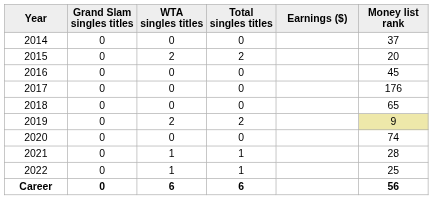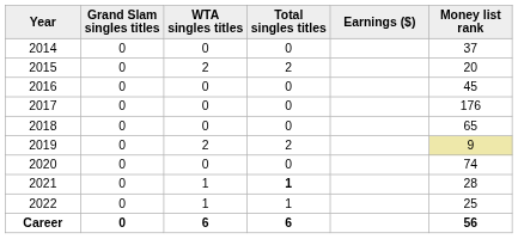 <table cellpadding=3 cellspacing=0 border=1 style=border:#aaa;solid:1px;border-collapse:collapse;text-align:center;>
 <tr style=background:#eee;font-weight:bold>
 <td width="90">Year</td>
 <td width="100">Grand Slam <br>singles titles</td>
 <td width="100">WTA <br>singles titles</td>
 <td width="100">Total <br>singles titles</td>
 <td width="120">Earnings ($)</td>
 <td width="100">Money list rank</td>
 </tr>
 <tr>
 <td>2014</td>
 <td>0</td>
 <td>0</td>
 <td>0</td>
 <td align="right"></td>
 <td>37</td>
 </tr>
 <tr>
 <td>2015</td>
 <td>0</td>
 <td>2</td>
 <td>2</td>
 <td align="right"></td>
 <td>20</td>
 </tr>
 <tr>
 <td>2016</td>
 <td>0</td>
 <td>0</td>
 <td>0</td>
 <td align="right"></td>
 <td>45</td>
 </tr>
 <tr>
 <td>2017</td>
 <td>0</td>
 <td>0</td>
 <td>0</td>
 <td align="right"></td>
 <td>176</td>
 </tr>
 <tr>
 <td>2018</td>
 <td>0</td>
 <td>0</td>
 <td>0</td>
 <td align="right"></td>
 <td>65</td>
 </tr>
 <tr>
 <td>2019</td>
 <td>0</td>
 <td>2</td>
 <td>2</td>
 <td align="right"></td>
 <td bgcolor=eee8aa>9</td>
 </tr>
 <tr>
 <td>2020</td>
 <td>0</td>
 <td>0</td>
 <td>0</td>
 <td align="right"></td>
 <td>74</td>
 </tr>
 <tr>
 <td>2021</td>
 <td>0</td>
 <td>1</td>
-<td>1</td>
+<td><strong>1</strong></td>
 <td align="right"></td>
 <td>28</td>
 </tr>
 <tr>
 <td>2022</td>
 <td>0</td>
 <td>1</td>
 <td>1</td>
 <td align=right></td>
 <td>25</td>
 </tr>
 <tr style="font-weight:bold;">
 <td>Career</td>
 <td>0</td>
 <td>6</td>
 <td>6</td>
 <td align="right"></td>
 <td>56</td>
 </tr>
 </table>
